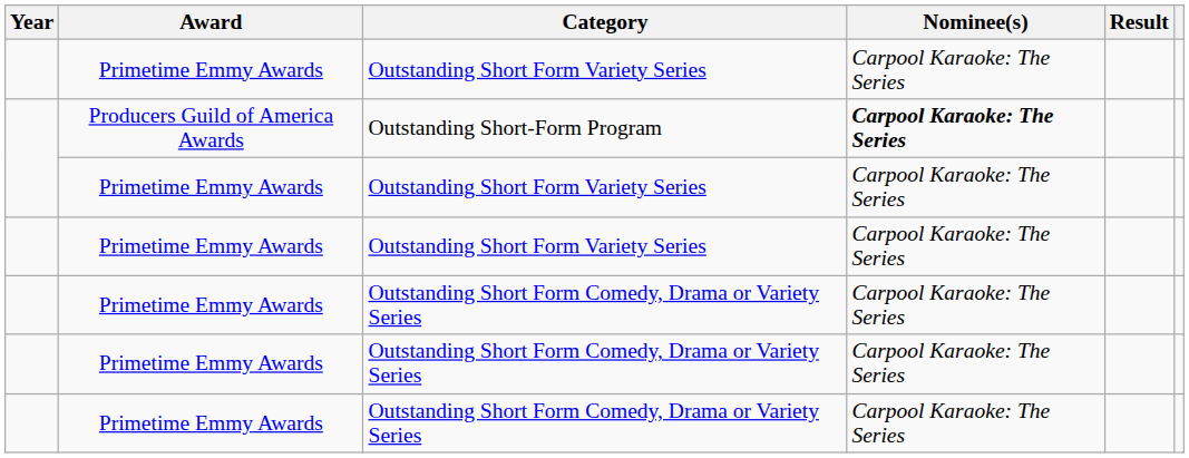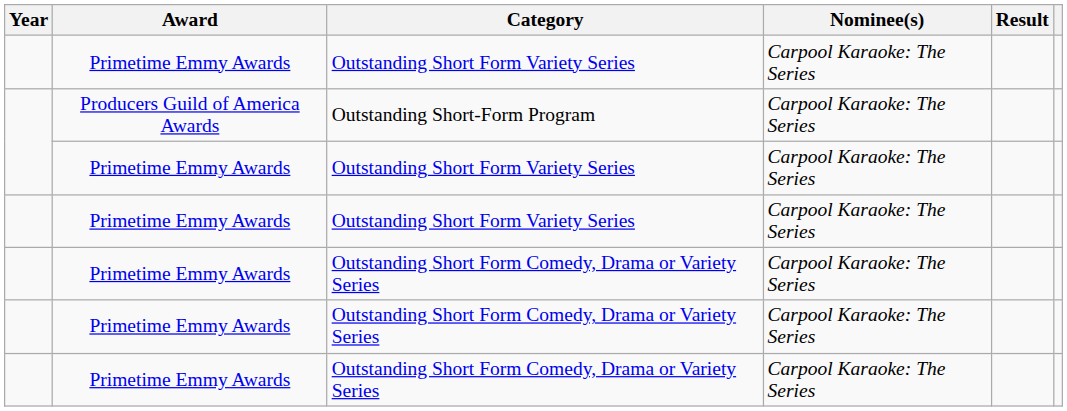 <table class="wikitable sortable">
 <tr>
 <th scope="col">Year</th>
 <th scope="col">Award</th>
 <th scope="col">Category</th>
 <th scope="col">Nominee(s)</th>
 <th scope="col">Result</th>
 <th scope="col" class="unsortable"></th>
 </tr>
 <tr>
 <td></td>
 <td align="center"><a href='#'>Primetime Emmy Awards</a></td>
 <td><a href='#'>Outstanding Short Form Variety Series</a></td>
 <td><em>Carpool Karaoke: The Series</em></td>
 <td></td>
 <td align="center"></td>
 </tr>
 <tr>
 <td rowspan="2"></td>
 <td align="center"><a href='#'>Producers Guild of America Awards</a></td>
 <td>Outstanding Short-Form Program</td>
-<td><strong><em>Carpool Karaoke: The Series</em></strong></td>
+<td><em>Carpool Karaoke: The Series</em></td>
 <td></td>
 <td align="center"></td>
 </tr>
 <tr>
 <td align="center"><a href='#'>Primetime Emmy Awards</a></td>
 <td><a href='#'>Outstanding Short Form Variety Series</a></td>
 <td><em>Carpool Karaoke: The Series</em></td>
 <td></td>
 <td align="center"></td>
 </tr>
 <tr>
 <td></td>
 <td align="center"><a href='#'>Primetime Emmy Awards</a></td>
 <td><a href='#'>Outstanding Short Form Variety Series</a></td>
 <td><em>Carpool Karaoke: The Series</em></td>
 <td></td>
 <td align="center"></td>
 </tr>
 <tr>
 <td></td>
 <td align="center"><a href='#'>Primetime Emmy Awards</a></td>
 <td><a href='#'>Outstanding Short Form Comedy, Drama or Variety Series</a></td>
 <td><em>Carpool Karaoke: The Series</em></td>
 <td></td>
 <td align="center"></td>
 </tr>
 <tr>
 <td></td>
 <td align="center"><a href='#'>Primetime Emmy Awards</a></td>
 <td><a href='#'>Outstanding Short Form Comedy, Drama or Variety Series</a></td>
 <td><em>Carpool Karaoke: The Series</em></td>
 <td></td>
 <td align="center"></td>
 </tr>
 <tr>
 <td></td>
 <td align="center"><a href='#'>Primetime Emmy Awards</a></td>
 <td><a href='#'>Outstanding Short Form Comedy, Drama or Variety Series</a></td>
 <td><em>Carpool Karaoke: The Series</em></td>
 <td></td>
 <td align="center"></td>
 </tr>
 </table>
